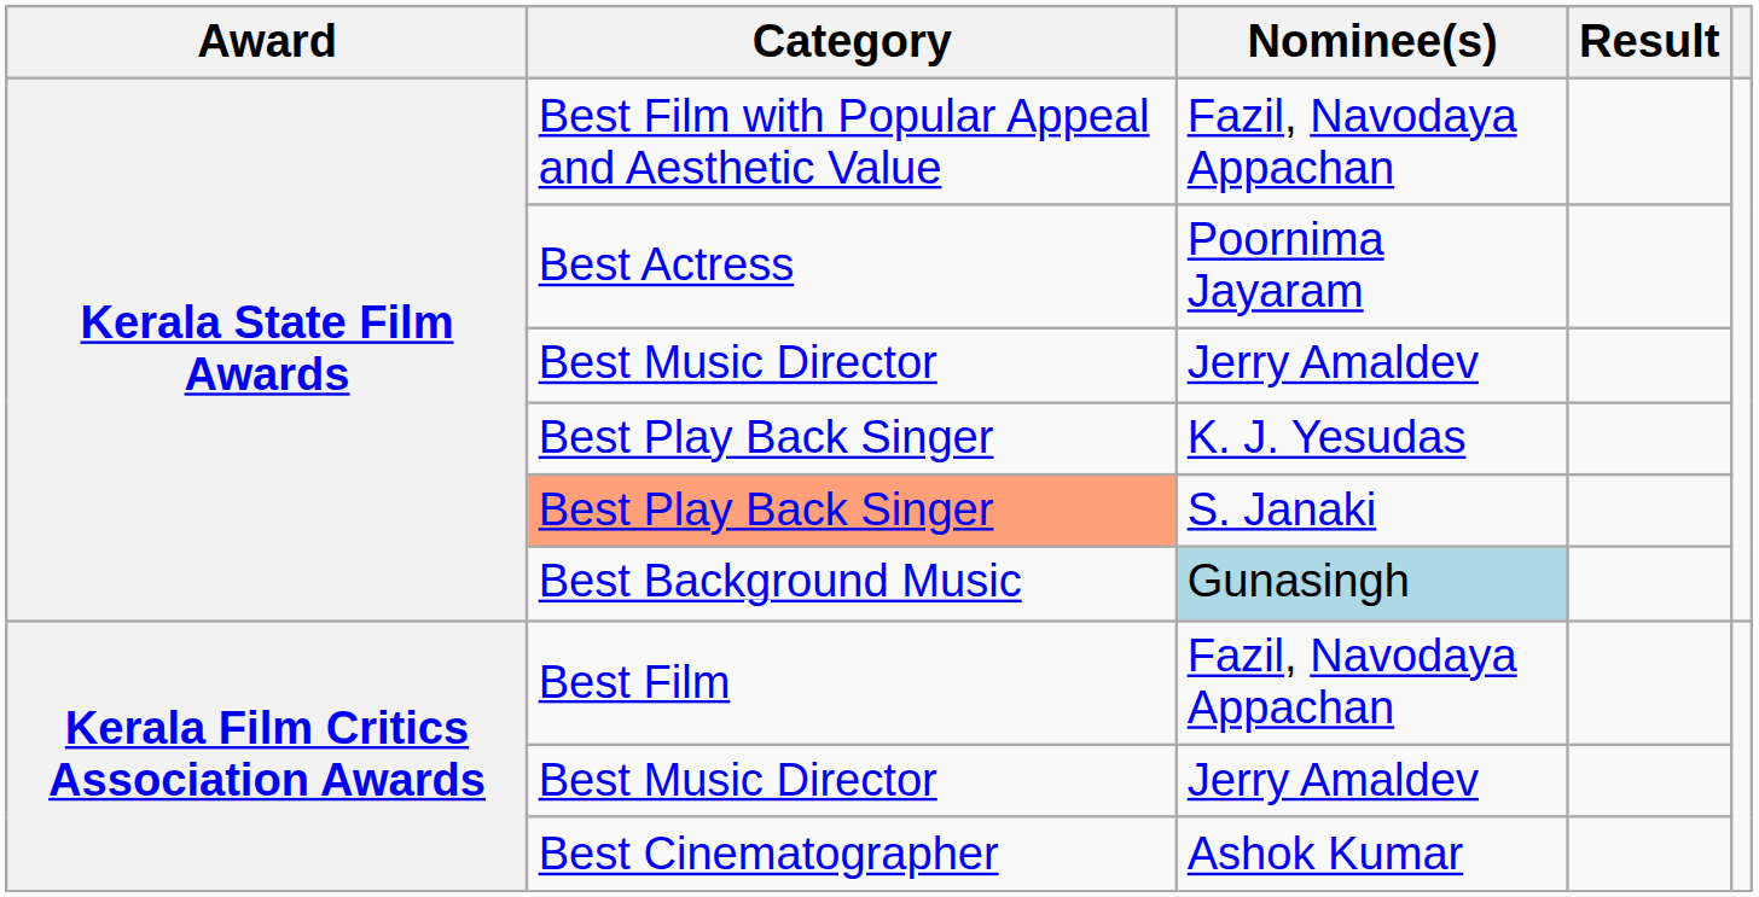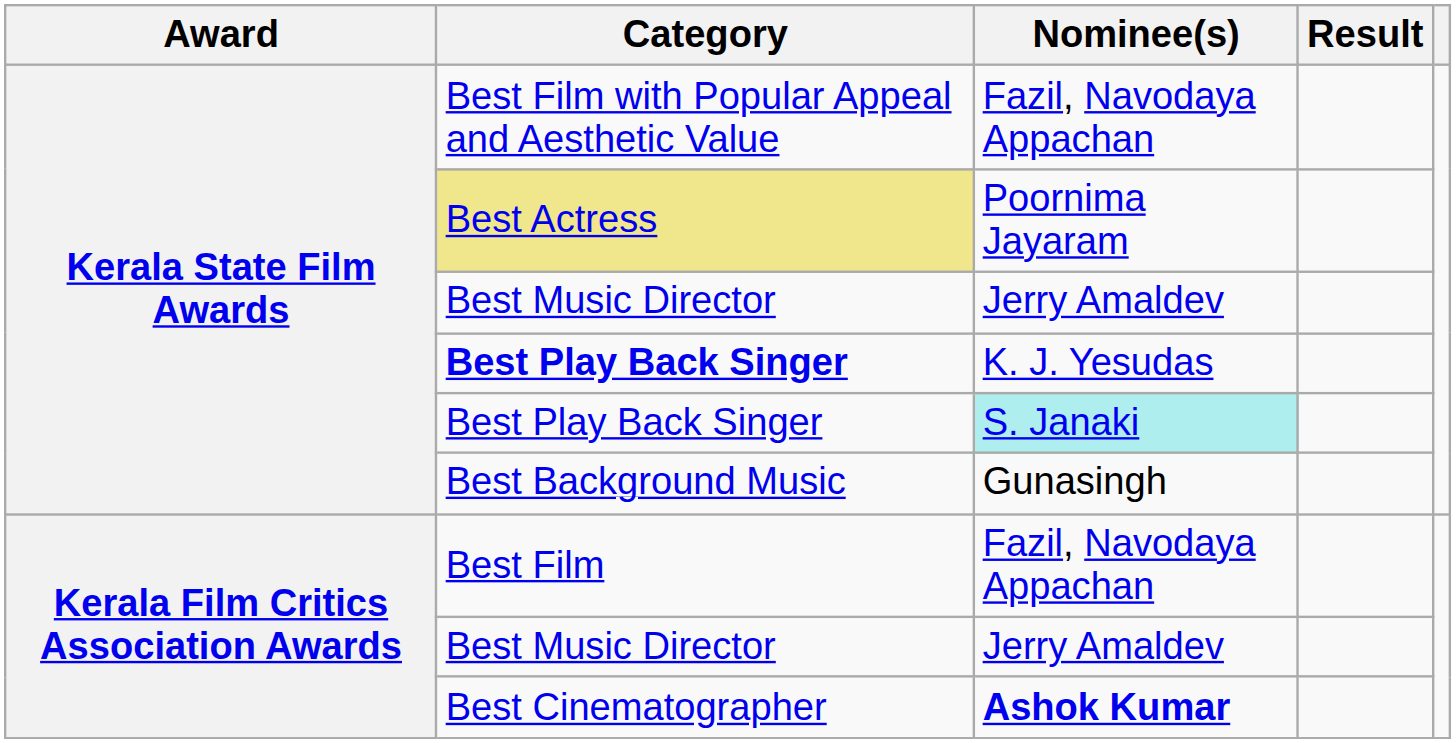 <table class="wikitable plainrowheaders sortable">
 <tr>
 <th scope="col" class="unsortable">Award</th>
 <th scope="col" class="unsortable">Category</th>
 <th scope="col" class="unsortable">Nominee(s)</th>
 <th scope="col" class="unsortable">Result</th>
 <th scope="col" class="unsortable"></th>
 </tr>
 <tr>
 <th scope="row" rowspan="6"><a href='#'>Kerala State Film Awards</a></th>
 <td><a href='#'>Best Film with Popular Appeal and Aesthetic Value</a></td>
 <td><a href='#'>Fazil</a>, <a href='#'>Navodaya Appachan</a></td>
 <td></td>
 <td style="text-align:center;" rowspan="6"></td>
 </tr>
 <tr>
-<td><a href='#'>Best Actress</a></td>
+<td style="background: khaki;"><a href='#'>Best Actress</a></td>
 <td><a href='#'>Poornima Jayaram</a></td>
 <td></td>
 </tr>
 <tr>
 <td><a href='#'>Best Music Director</a></td>
 <td><a href='#'>Jerry Amaldev</a></td>
 <td></td>
 </tr>
 <tr>
-<td><a href='#'>Best Play Back Singer</a></td>
+<td><strong><a href='#'>Best Play Back Singer</a></strong></td>
 <td><a href='#'>K. J. Yesudas</a></td>
 <td></td>
 </tr>
 <tr>
-<td style="background: lightsalmon;"><a href='#'>Best Play Back Singer</a></td>
-<td><a href='#'>S. Janaki</a></td>
+<td><a href='#'>Best Play Back Singer</a></td>
+<td style="background: paleturquoise;"><a href='#'>S. Janaki</a></td>
 <td></td>
 </tr>
 <tr>
 <td><a href='#'>Best Background Music</a></td>
-<td style="background: lightblue;">Gunasingh</td>
+<td>Gunasingh</td>
 <td></td>
 </tr>
 <tr>
 <th scope="row" rowspan="3"><a href='#'>Kerala Film Critics Association Awards</a></th>
 <td><a href='#'>Best Film</a></td>
 <td><a href='#'>Fazil</a>, <a href='#'>Navodaya Appachan</a></td>
 <td></td>
 <td style="text-align:center;" rowspan="3"></td>
 </tr>
 <tr>
 <td><a href='#'>Best Music Director</a></td>
 <td><a href='#'>Jerry Amaldev</a></td>
 <td></td>
 </tr>
 <tr>
 <td><a href='#'>Best Cinematographer</a></td>
-<td><a href='#'>Ashok Kumar</a></td>
+<td><strong><a href='#'>Ashok Kumar</a></strong></td>
 <td></td>
 </tr>
 </table>
